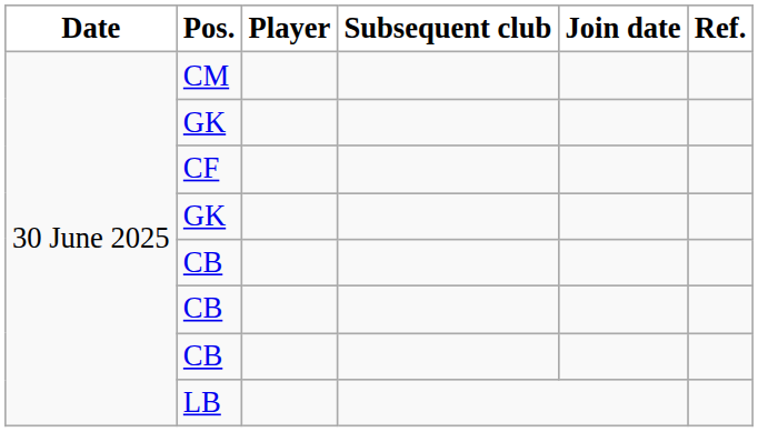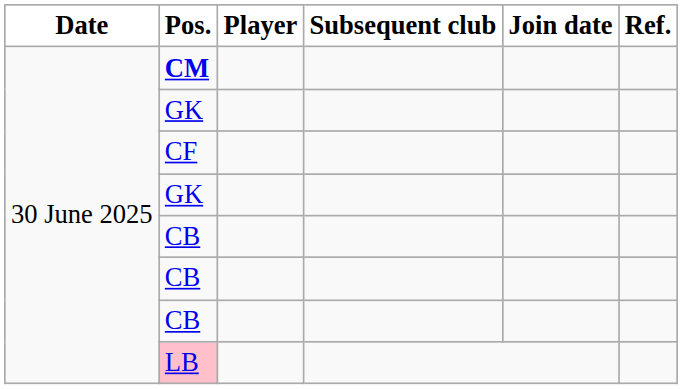 <table class="wikitable plainrowheaders sortable">
 <tr>
 <th style="background:white; color:black; ">Date</th>
 <th style="background:white; color:black; ">Pos.</th>
 <th style="background:white; color:black; ">Player</th>
 <th style="background:white; color:black; ">Subsequent club</th>
 <th style="background:white; color:black; ">Join date</th>
 <th style="background:white; color:black; ">Ref.</th>
 </tr>
 <tr>
 <td rowspan="8">30 June 2025</td>
-<td><a href='#'>CM</a></td>
+<td><strong><a href='#'>CM</a></strong></td>
 <td></td>
 <td></td>
 <td></td>
 <td></td>
 </tr>
 <tr>
 <td><a href='#'>GK</a></td>
 <td></td>
 <td></td>
 <td></td>
 <td></td>
 </tr>
 <tr>
 <td><a href='#'>CF</a></td>
 <td></td>
 <td></td>
 <td></td>
 <td></td>
 </tr>
 <tr>
 <td><a href='#'>GK</a></td>
 <td></td>
 <td></td>
 <td></td>
 <td></td>
 </tr>
 <tr>
 <td><a href='#'>CB</a></td>
 <td></td>
 <td></td>
 <td></td>
 <td></td>
 </tr>
 <tr>
 <td><a href='#'>CB</a></td>
 <td></td>
 <td></td>
 <td></td>
 <td></td>
 </tr>
 <tr>
 <td><a href='#'>CB</a></td>
 <td></td>
 <td></td>
 <td></td>
 <td></td>
 </tr>
 <tr>
-<td><a href='#'>LB</a></td>
+<td style="background: pink;"><a href='#'>LB</a></td>
 <td></td>
 <td colspan="2"></td>
 <td></td>
 </tr>
 </table>
